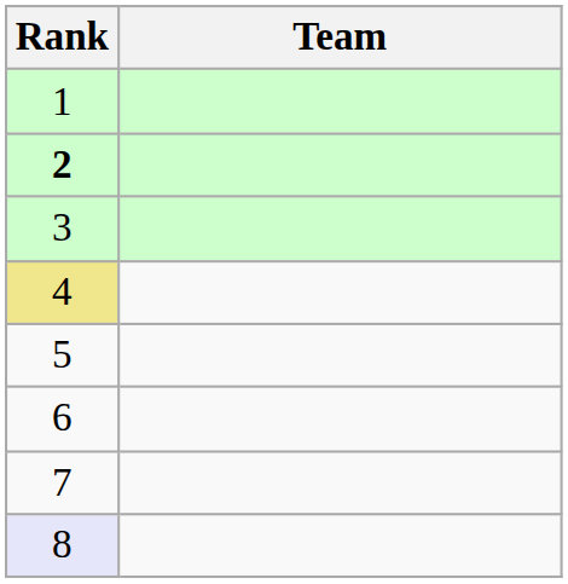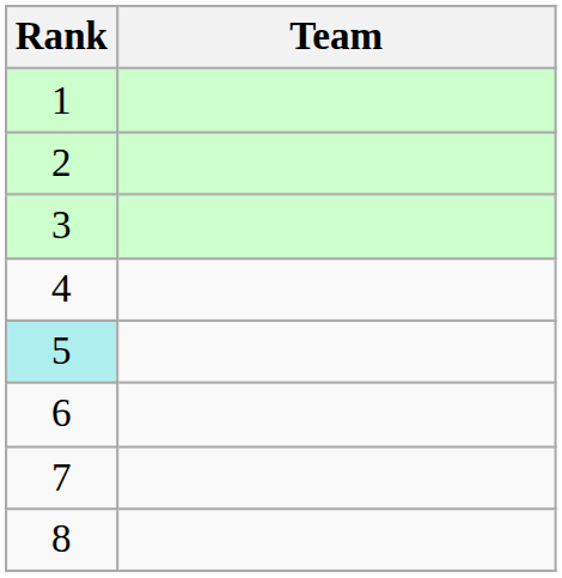 <table class="wikitable">
 <tr>
 <th>Rank</th>
 <th width=170>Team</th>
 </tr>
 <tr bgcolor=ccffcc>
 <td align=center>1</td>
 <td></td>
 </tr>
 <tr bgcolor=ccffcc>
-<td align=center><strong>2</strong></td>
+<td align=center>2</td>
 <td></td>
 </tr>
 <tr bgcolor=ccffcc>
 <td align=center>3</td>
 <td></td>
 </tr>
 <tr>
-<td align=center style="background: khaki;">4</td>
+<td align=center>4</td>
 <td></td>
 </tr>
 <tr>
-<td align=center>5</td>
+<td align=center style="background: paleturquoise;">5</td>
 <td></td>
 </tr>
 <tr>
 <td align=center>6</td>
 <td></td>
 </tr>
 <tr>
 <td align=center>7</td>
 <td></td>
 </tr>
 <tr>
-<td align=center style="background: lavender;">8</td>
+<td align=center>8</td>
 <td></td>
 </tr>
 </table>
